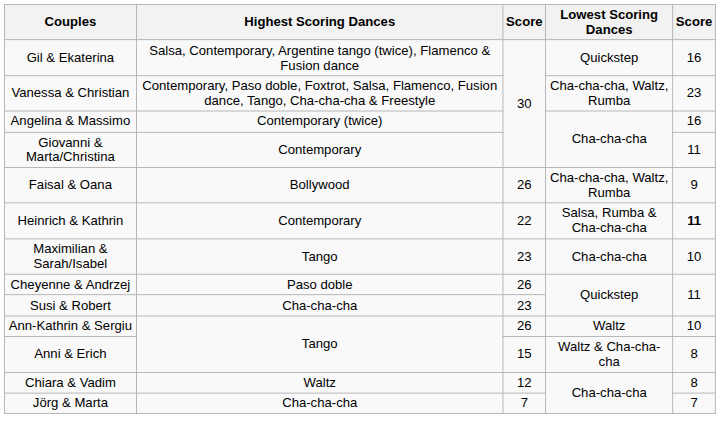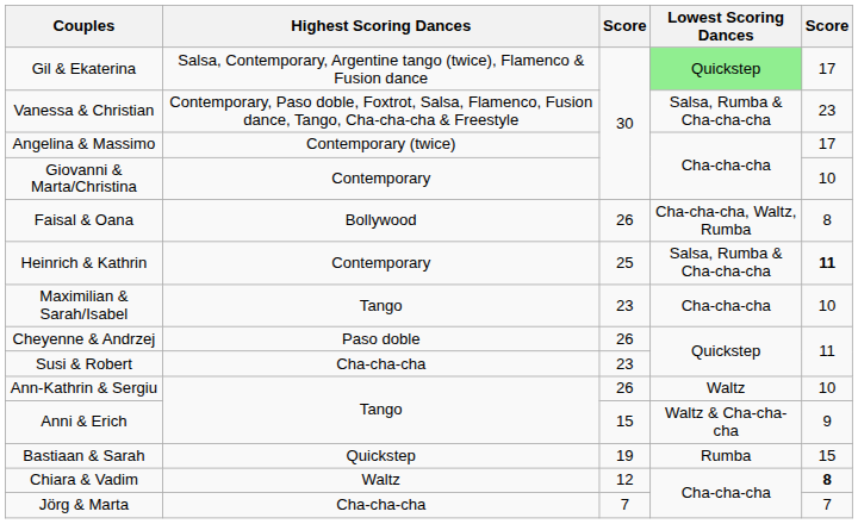 <table class="wikitable sortable center" style="text-align:center;">
 <tr>
 <th>Couples</th>
 <th>Highest Scoring Dances</th>
 <th>Score</th>
 <th>Lowest Scoring Dances</th>
 <th>Score</th>
 </tr>
 <tr>
 <td>Gil & Ekaterina</td>
 <td>Salsa, Contemporary, Argentine tango (twice), Flamenco & Fusion dance</td>
 <td rowspan="4">30</td>
-<td>Quickstep</td>
-<td>16</td>
+<td style="background: lightgreen;">Quickstep</td>
+<td>17</td>
 </tr>
 <tr>
 <td>Vanessa & Christian</td>
 <td>Contemporary, Paso doble, Foxtrot, Salsa, Flamenco, Fusion dance, Tango, Cha-cha-cha & Freestyle</td>
-<td>Cha-cha-cha, Waltz, Rumba</td>
+<td>Salsa, Rumba & Cha-cha-cha</td>
 <td>23</td>
 </tr>
 <tr>
 <td>Angelina & Massimo</td>
 <td>Contemporary (twice)</td>
 <td rowspan="2">Cha-cha-cha</td>
-<td>16</td>
+<td>17</td>
 </tr>
 <tr>
 <td>Giovanni & Marta/Christina</td>
 <td>Contemporary</td>
-<td>11</td>
+<td>10</td>
 </tr>
 <tr>
 <td>Faisal & Oana</td>
 <td>Bollywood</td>
 <td>26</td>
 <td>Cha-cha-cha, Waltz, Rumba</td>
-<td>9</td>
+<td>8</td>
 </tr>
 <tr>
 <td>Heinrich & Kathrin</td>
 <td>Contemporary</td>
-<td>22</td>
+<td>25</td>
 <td>Salsa, Rumba & Cha-cha-cha</td>
 <td><strong>11</strong></td>
 </tr>
 <tr>
 <td>Maximilian & Sarah/Isabel</td>
 <td>Tango</td>
 <td>23</td>
 <td>Cha-cha-cha</td>
 <td>10</td>
 </tr>
 <tr>
 <td>Cheyenne & Andrzej</td>
 <td>Paso doble</td>
 <td>26</td>
 <td rowspan="2">Quickstep</td>
 <td rowspan="2">11</td>
 </tr>
 <tr>
 <td>Susi & Robert</td>
 <td>Cha-cha-cha</td>
 <td>23</td>
 </tr>
 <tr>
 <td>Ann-Kathrin & Sergiu</td>
 <td rowspan="2">Tango</td>
 <td>26</td>
 <td>Waltz</td>
 <td>10</td>
 </tr>
 <tr>
 <td>Anni & Erich</td>
 <td>15</td>
 <td>Waltz & Cha-cha-cha</td>
-<td>8</td>
+<td>9</td>
+</tr>
+<tr>
+<td>Bastiaan & Sarah</td>
+<td>Quickstep</td>
+<td>19</td>
+<td>Rumba</td>
+<td>15</td>
 </tr>
 <tr>
 <td>Chiara & Vadim</td>
 <td>Waltz</td>
 <td>12</td>
 <td rowspan="2">Cha-cha-cha</td>
-<td>8</td>
+<td><strong>8</strong></td>
 </tr>
 <tr>
 <td>Jörg & Marta</td>
 <td>Cha-cha-cha</td>
 <td>7</td>
 <td>7</td>
 </tr>
 </table>
